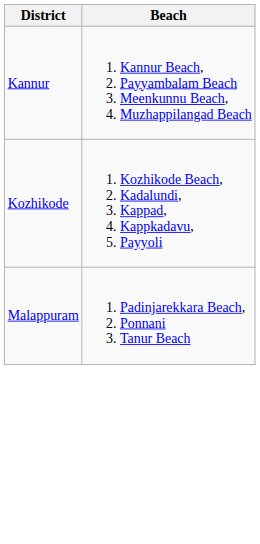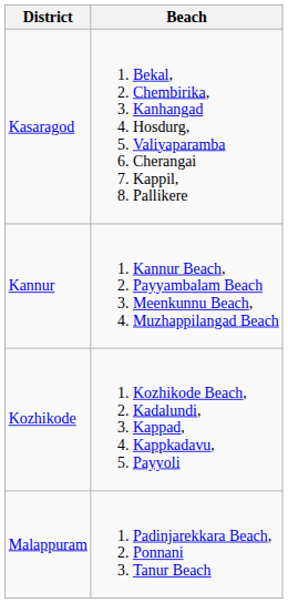 <table class="wikitable sortable">
 <tr>
 <th>District</th>
 <th>Beach</th>
+</tr>
+<tr>
+<td><a href='#'>Kasaragod</a></td>
+<td><br><ol><li><a href='#'>Bekal</a>,</li><li><a href='#'>Chembirika</a>,</li><li><a href='#'>Kanhangad</a></li><li>Hosdurg,</li><li><a href='#'>Valiyaparamba</a></li><li>Cherangai</li><li>Kappil,</li><li>Pallikere</li></ol></td>
 </tr>
 <tr>
 <td><a href='#'>Kannur</a></td>
 <td><br><ol><li><a href='#'>Kannur Beach</a>,</li><li><a href='#'>Payyambalam Beach</a></li><li><a href='#'>Meenkunnu Beach</a>,</li><li><a href='#'>Muzhappilangad Beach</a></li></ol></td>
 </tr>
 <tr>
 <td><a href='#'>Kozhikode</a></td>
 <td><br><ol><li><a href='#'>Kozhikode Beach</a>,</li><li><a href='#'>Kadalundi</a>,</li><li><a href='#'>Kappad</a>,</li><li><a href='#'>Kappkadavu</a>,</li><li><a href='#'>Payyoli</a></li></ol></td>
 </tr>
 <tr>
 <td><a href='#'>Malappuram</a></td>
 <td><br><ol><li><a href='#'>Padinjarekkara Beach</a>,</li><li><a href='#'>Ponnani</a></li><li><a href='#'>Tanur Beach</a></li></ol></td>
 </tr>
 </table>
